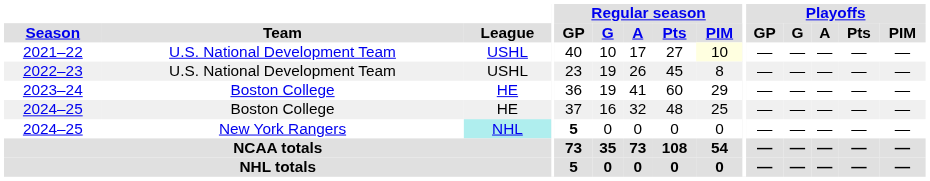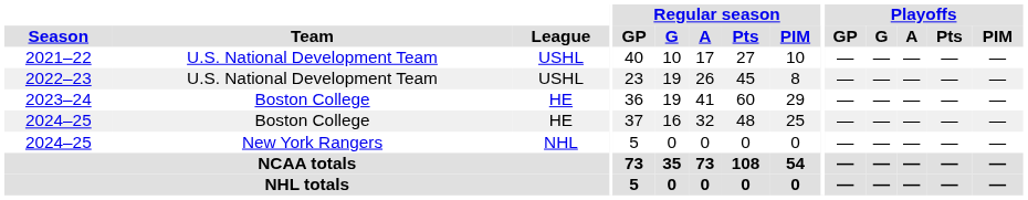 <table border="0" cellpadding="1" cellspacing="0" style="text-align:center; width:60em;">
 <tr bgcolor="#e0e0e0">
 <th colspan="3" bgcolor="#ffffff"></th>
 <th rowspan="100" bgcolor="#ffffff"></th>
 <th colspan="5"><a href='#'>Regular season</a></th>
 <th rowspan="100" bgcolor="#ffffff"></th>
 <th colspan="5"><a href='#'>Playoffs</a></th>
 </tr>
 <tr bgcolor="#e0e0e0">
 <th><a href='#'>Season</a></th>
 <th>Team</th>
 <th>League</th>
 <th>GP</th>
 <th><a href='#'>G</a></th>
 <th><a href='#'>A</a></th>
 <th><a href='#'>Pts</a></th>
 <th><a href='#'>PIM</a></th>
 <th>GP</th>
 <th>G</th>
 <th>A</th>
 <th>Pts</th>
 <th>PIM</th>
 </tr>
 <tr>
 <td><a href='#'>2021–22</a></td>
 <td><a href='#'>U.S. National Development Team</a></td>
 <td><a href='#'>USHL</a></td>
 <td>40</td>
 <td>10</td>
 <td>17</td>
 <td>27</td>
-<td style="background: lightyellow;">10</td>
+<td>10</td>
 <td>—</td>
 <td>—</td>
 <td>—</td>
 <td>—</td>
 <td>—</td>
 </tr>
 <tr bgcolor="#f0f0f0">
 <td><a href='#'>2022–23</a></td>
 <td>U.S. National Development Team</td>
 <td>USHL</td>
 <td>23</td>
 <td>19</td>
 <td>26</td>
 <td>45</td>
 <td>8</td>
 <td>—</td>
 <td>—</td>
 <td>—</td>
 <td>—</td>
 <td>—</td>
 </tr>
 <tr>
 <td><a href='#'>2023–24</a></td>
 <td><a href='#'>Boston College</a></td>
 <td><a href='#'>HE</a></td>
 <td>36</td>
 <td>19</td>
 <td>41</td>
 <td>60</td>
 <td>29</td>
 <td>—</td>
 <td>—</td>
 <td>—</td>
 <td>—</td>
 <td>—</td>
 </tr>
 <tr bgcolor="#f0f0f0">
 <td><a href='#'>2024–25</a></td>
 <td>Boston College</td>
 <td>HE</td>
 <td>37</td>
 <td>16</td>
 <td>32</td>
 <td>48</td>
 <td>25</td>
 <td>—</td>
 <td>—</td>
 <td>—</td>
 <td>—</td>
 <td>—</td>
 </tr>
 <tr>
 <td><a href='#'>2024–25</a></td>
 <td><a href='#'>New York Rangers</a></td>
-<td style="background: paleturquoise;"><a href='#'>NHL</a></td>
-<td><strong>5</strong></td>
+<td><a href='#'>NHL</a></td>
+<td>5</td>
 <td>0</td>
 <td>0</td>
 <td>0</td>
 <td>0</td>
 <td>—</td>
 <td>—</td>
 <td>—</td>
 <td>—</td>
 <td>—</td>
 </tr>
 <tr bgcolor="#e0e0e0">
 <th colspan="3">NCAA totals</th>
 <th>73</th>
 <th>35</th>
 <th>73</th>
 <th>108</th>
 <th>54</th>
 <th>—</th>
 <th>—</th>
 <th>—</th>
 <th>—</th>
 <th>—</th>
 </tr>
 <tr bgcolor="#e0e0e0">
 <th colspan="3">NHL totals</th>
 <th>5</th>
 <th>0</th>
 <th>0</th>
 <th>0</th>
 <th>0</th>
 <th>—</th>
 <th>—</th>
 <th>—</th>
 <th>—</th>
 <th>—</th>
 </tr>
 </table>
